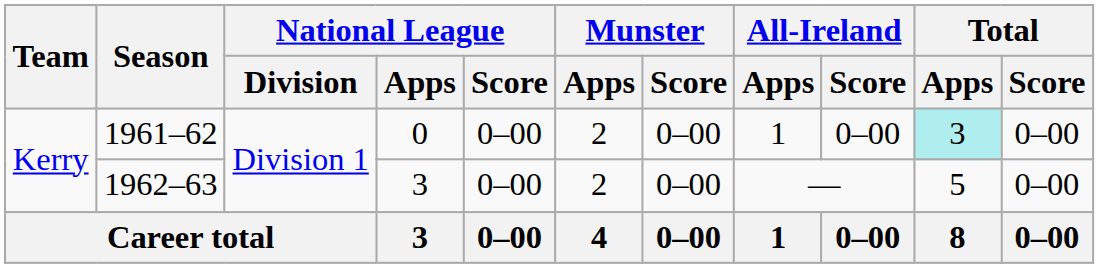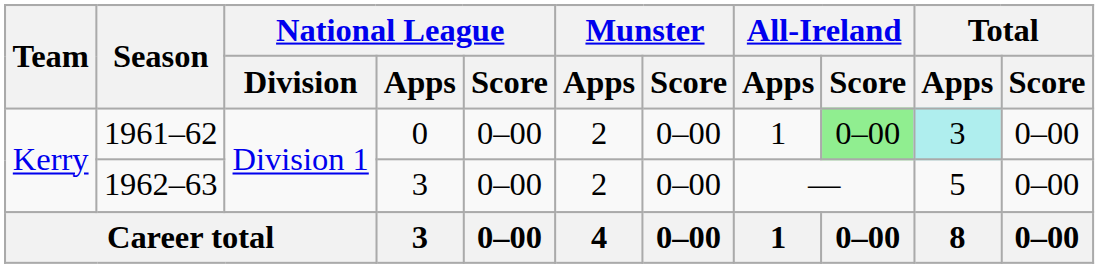 <table class="wikitable" style="text-align:center">
 <tr>
 <th rowspan="2">Team</th>
 <th rowspan="2">Season</th>
 <th colspan="3"><a href='#'>National League</a></th>
 <th colspan="2"><a href='#'>Munster</a></th>
 <th colspan="2"><a href='#'>All-Ireland</a></th>
 <th colspan="2">Total</th>
 </tr>
 <tr>
 <th>Division</th>
 <th>Apps</th>
 <th>Score</th>
 <th>Apps</th>
 <th>Score</th>
 <th>Apps</th>
 <th>Score</th>
 <th>Apps</th>
 <th>Score</th>
 </tr>
 <tr>
 <td rowspan="2"><a href='#'>Kerry</a></td>
 <td>1961–62</td>
 <td rowspan="2"><a href='#'>Division 1</a></td>
 <td>0</td>
 <td>0–00</td>
 <td>2</td>
 <td>0–00</td>
 <td>1</td>
-<td>0–00</td>
+<td style="background: lightgreen;">0–00</td>
 <td style="background: paleturquoise;">3</td>
 <td>0–00</td>
 </tr>
 <tr>
 <td>1962–63</td>
 <td>3</td>
 <td>0–00</td>
 <td>2</td>
 <td>0–00</td>
 <td colspan=2>—</td>
 <td>5</td>
 <td>0–00</td>
 </tr>
 <tr>
 <th colspan="3">Career total</th>
 <th>3</th>
 <th>0–00</th>
 <th>4</th>
 <th>0–00</th>
 <th>1</th>
 <th>0–00</th>
 <th>8</th>
 <th>0–00</th>
 </tr>
 </table>
